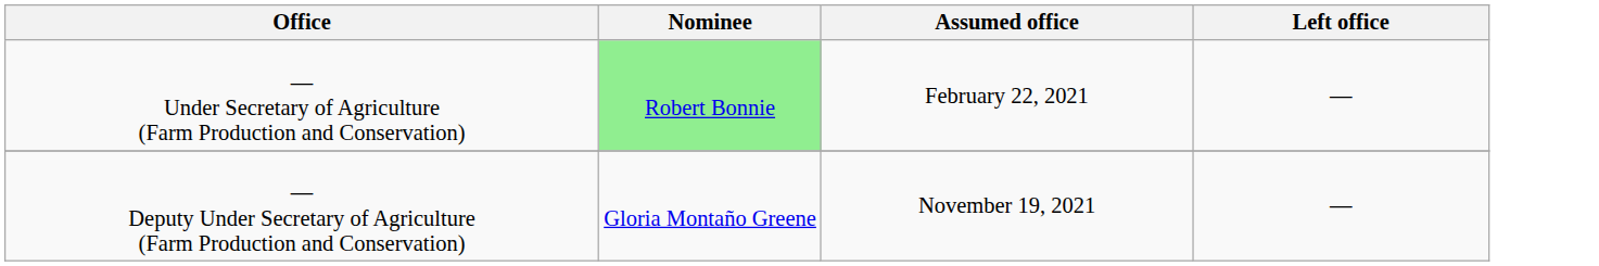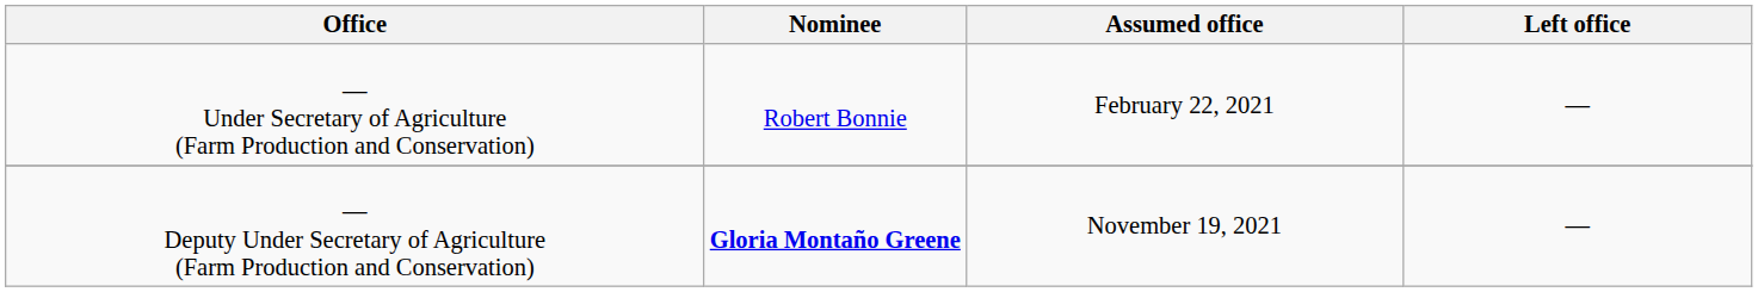 <table class="wikitable sortable" style="text-align:center">
 <tr>
 <th style="width:40%;">Office</th>
 <th style="width:15%;">Nominee</th>
 <th style="width:25%;" data-sort-type="date">Assumed office</th>
 <th style="width:20%;" data-sort-type="date">Left office</th>
 </tr>
 <tr>
 <td><br>—<br>Under Secretary of Agriculture<br>(Farm Production and Conservation)</td>
-<td style="background: lightgreen;"><br><a href='#'>Robert Bonnie</a></td>
+<td><br><a href='#'>Robert Bonnie</a></td>
 <td>February 22, 2021</td>
 <td>—</td>
 </tr>
 <tr>
 </tr>
 <tr>
 <td><br>—<br>Deputy Under Secretary of Agriculture<br>(Farm Production and Conservation)</td>
-<td><br><a href='#'>Gloria Montaño Greene</a></td>
+<td><strong><br><a href='#'>Gloria Montaño Greene</a></strong></td>
 <td>November 19, 2021<br></td>
 <td>—</td>
 </tr>
 </table>
